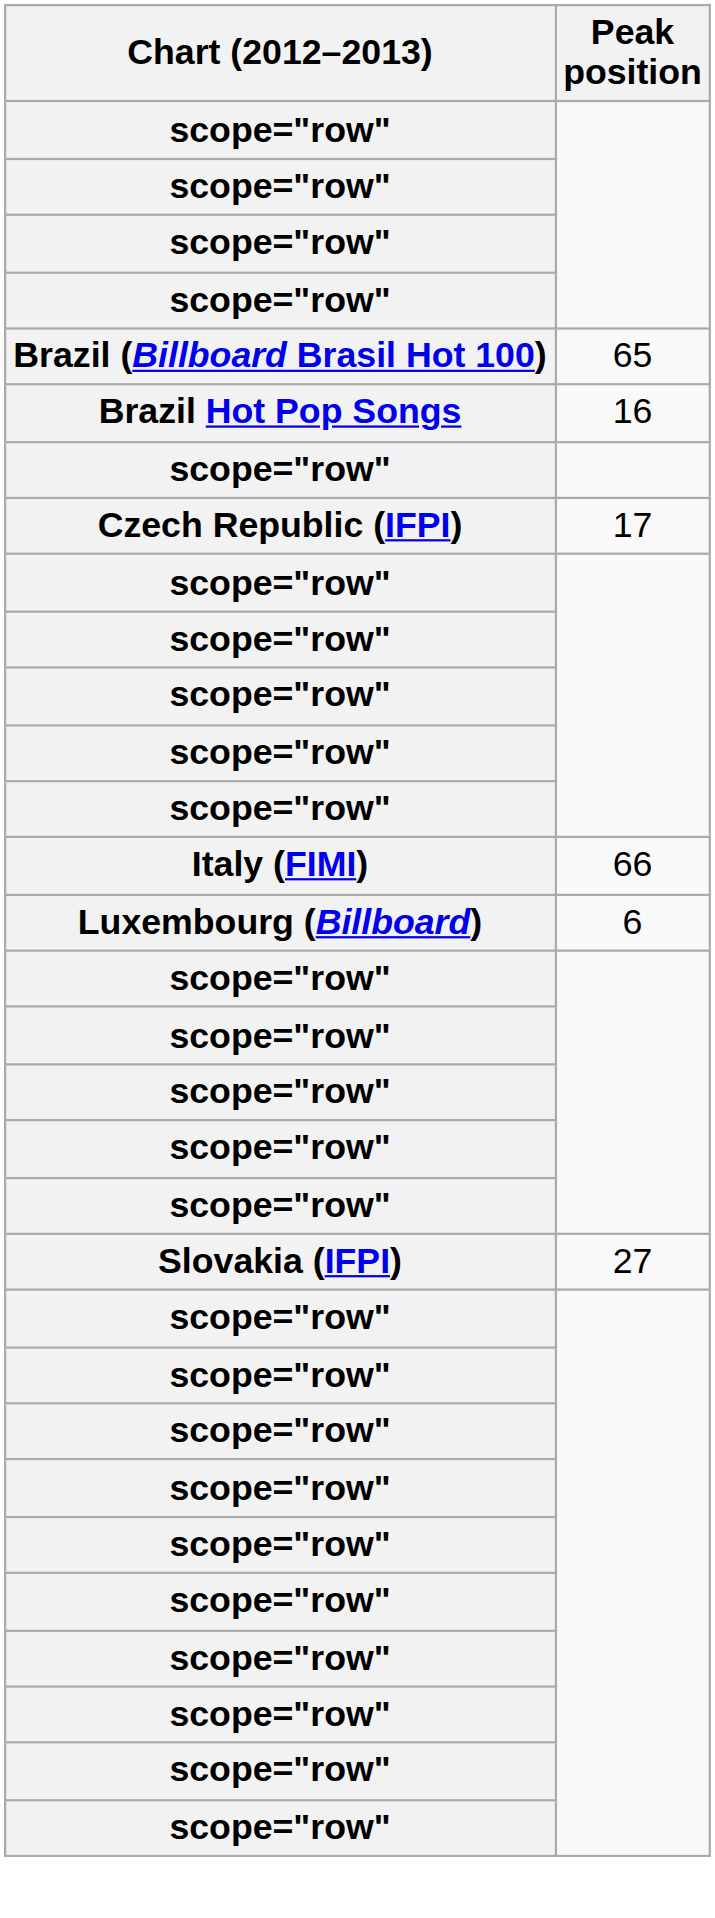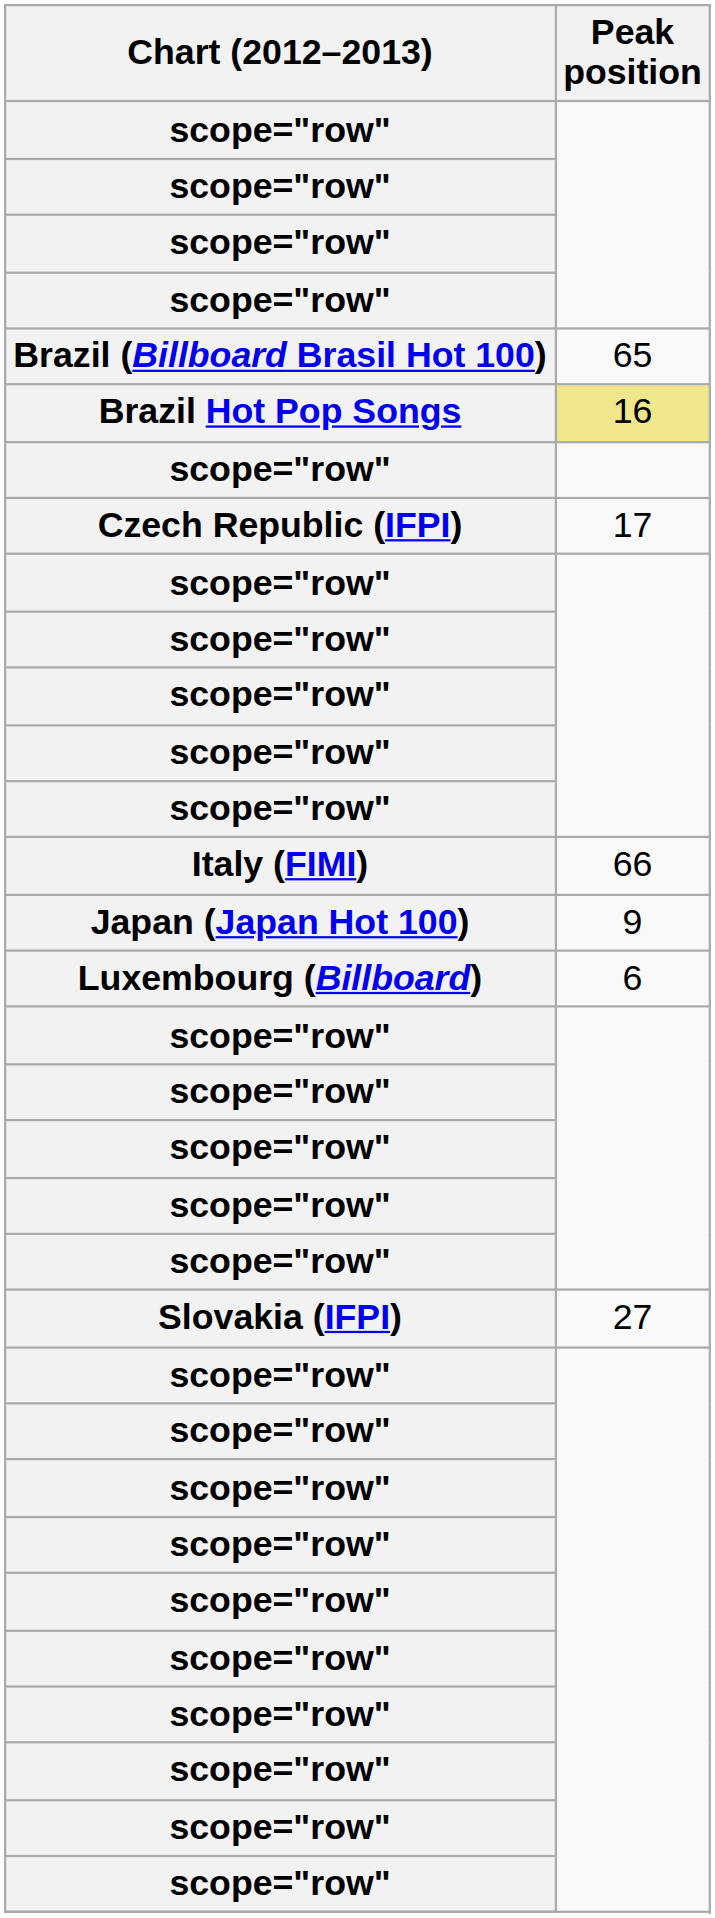 <table class="wikitable plainrowheaders sortable" style="text-align:center">
 <tr>
 <th scope="col">Chart (2012–2013)</th>
 <th scope="col">Peak<br>position</th>
 </tr>
 <tr>
 <th>scope="row"</th>
 </tr>
 <tr>
 <th>scope="row"</th>
 </tr>
 <tr>
 <th>scope="row"</th>
 </tr>
 <tr>
 <th>scope="row"</th>
 </tr>
 <tr>
 <th scope="row">Brazil (<a href='#'><em>Billboard</em> Brasil Hot 100</a>)</th>
 <td style="text-align:center;">65</td>
 </tr>
 <tr>
 <th scope="row">Brazil <a href='#'>Hot Pop Songs</a></th>
-<td style="text-align:center;">16</td>
+<td style="background: khaki; text-align:center;">16</td>
 </tr>
 <tr>
 <th>scope="row"</th>
 </tr>
 <tr>
 <th scope="row">Czech Republic (<a href='#'>IFPI</a>)</th>
 <td style="text-align:center;">17</td>
 </tr>
 <tr>
 <th>scope="row"</th>
 </tr>
 <tr>
 <th>scope="row"</th>
 </tr>
 <tr>
 <th>scope="row"</th>
 </tr>
 <tr>
 <th>scope="row"</th>
 </tr>
 <tr>
 <th>scope="row"</th>
 </tr>
 <tr>
 <th scope="row">Italy (<a href='#'>FIMI</a>)</th>
 <td style="text-align:center;">66</td>
+</tr>
+<tr>
+<th scope="row">Japan (<a href='#'>Japan Hot 100</a>)</th>
+<td style="text-align:center;">9</td>
 </tr>
 <tr>
 <th scope="row">Luxembourg (<em><a href='#'>Billboard</a></em>)</th>
 <td style="text-align:center;">6</td>
 </tr>
 <tr>
 <th>scope="row"</th>
 </tr>
 <tr>
 <th>scope="row"</th>
 </tr>
 <tr>
 <th>scope="row"</th>
 </tr>
 <tr>
 <th>scope="row"</th>
 </tr>
 <tr>
 <th>scope="row"</th>
 </tr>
 <tr>
 <th scope="row">Slovakia (<a href='#'>IFPI</a>)</th>
 <td style="text-align:center;">27</td>
 </tr>
 <tr>
 <th>scope="row"</th>
 </tr>
 <tr>
 <th>scope="row"</th>
 </tr>
 <tr>
 <th>scope="row"</th>
 </tr>
 <tr>
 <th>scope="row"</th>
 </tr>
 <tr>
 <th>scope="row"</th>
 </tr>
 <tr>
 <th>scope="row"</th>
 </tr>
 <tr>
 <th>scope="row"</th>
 </tr>
 <tr>
 <th>scope="row"</th>
 </tr>
 <tr>
 <th>scope="row"</th>
 </tr>
 <tr>
 <th>scope="row"</th>
 </tr>
 <tr>
 </tr>
 </table>
